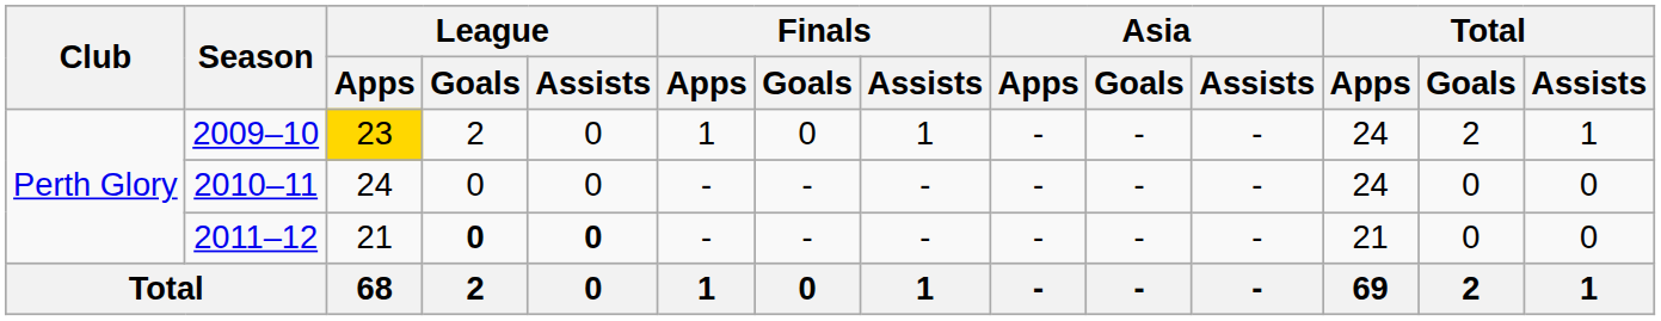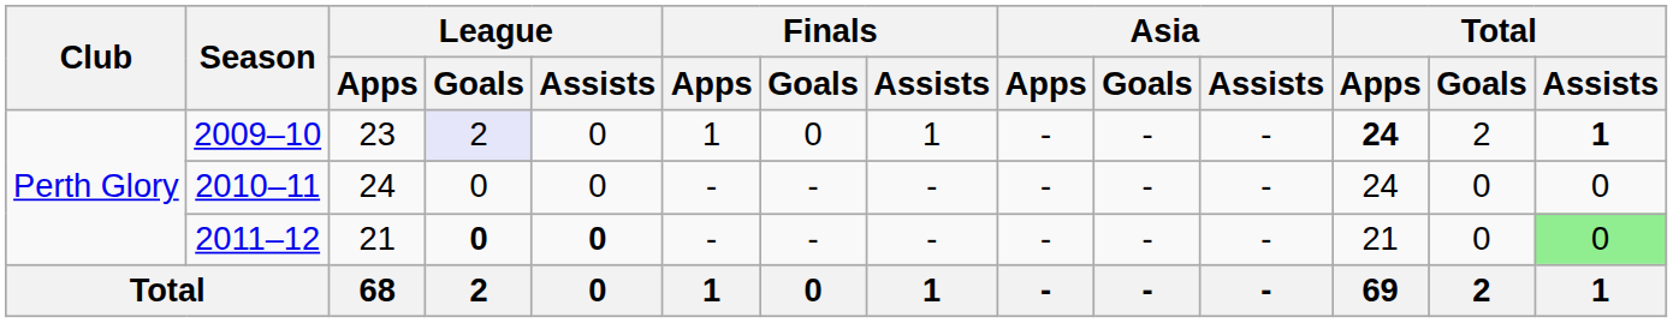 <table class="wikitable" style="text-align: center;">
 <tr>
 <th rowspan="2">Club</th>
 <th rowspan="2">Season</th>
 <th colspan="3">League</th>
 <th colspan="3">Finals</th>
 <th colspan="3">Asia</th>
 <th colspan="3">Total</th>
 </tr>
 <tr>
 <th>Apps</th>
 <th>Goals</th>
 <th>Assists</th>
 <th>Apps</th>
 <th>Goals</th>
 <th>Assists</th>
 <th>Apps</th>
 <th>Goals</th>
 <th>Assists</th>
 <th>Apps</th>
 <th>Goals</th>
 <th>Assists</th>
 </tr>
 <tr>
 <td rowspan="3" valign="center"><a href='#'>Perth Glory</a></td>
 <td><a href='#'>2009–10</a></td>
-<td style="background: gold;">23</td>
-<td>2</td>
+<td>23</td>
+<td style="background: lavender;">2</td>
 <td>0</td>
 <td>1</td>
 <td>0</td>
 <td>1</td>
 <td>-</td>
 <td>-</td>
 <td>-</td>
-<td>24</td>
+<td><strong>24</strong></td>
 <td>2</td>
-<td>1</td>
+<td><strong>1</strong></td>
 </tr>
 <tr>
 <td><a href='#'>2010–11</a></td>
 <td>24</td>
 <td>0</td>
 <td>0</td>
 <td>-</td>
 <td>-</td>
 <td>-</td>
 <td>-</td>
 <td>-</td>
 <td>-</td>
 <td>24</td>
 <td>0</td>
 <td>0</td>
 </tr>
 <tr>
 <td><a href='#'>2011–12</a></td>
 <td>21</td>
 <td><strong>0</strong></td>
 <td><strong>0</strong></td>
 <td>-</td>
 <td>-</td>
 <td>-</td>
 <td>-</td>
 <td>-</td>
 <td>-</td>
 <td>21</td>
 <td>0</td>
-<td>0</td>
+<td style="background: lightgreen;">0</td>
 </tr>
 <tr>
 <th colspan="2">Total</th>
 <th>68</th>
 <th>2</th>
 <th>0</th>
 <th>1</th>
 <th>0</th>
 <th>1</th>
 <th>-</th>
 <th>-</th>
 <th>-</th>
 <th>69</th>
 <th>2</th>
 <th>1</th>
 </tr>
 </table>
